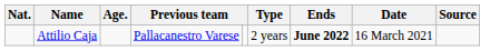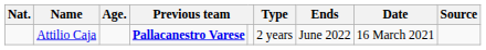 <table class="wikitable sortable">
 <tr>
 <th>Nat.</th>
 <th>Name</th>
 <th>Age.</th>
 <th colspan=2>Previous team</th>
 <th>Type</th>
 <th>Ends</th>
 <th>Date</th>
 <th>Source</th>
 </tr>
 <tr>
 <td style="text-align: center;"></td>
 <td><a href='#'>Attilio Caja</a></td>
 <td style="text-align: center;"></td>
-<td><a href='#'>Pallacanestro Varese</a></td>
+<td><strong><a href='#'>Pallacanestro Varese</a></strong></td>
 <td style="text-align: center;"></td>
 <td style="text-align: center;">2 years</td>
-<td><strong>June 2022</strong></td>
+<td>June 2022</td>
 <td>16 March 2021</td>
 <td style="text-align: center;"></td>
 </tr>
 </table>
